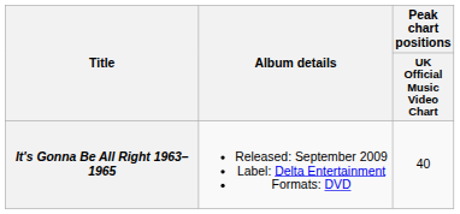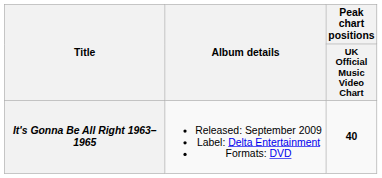 <table class="wikitable plainrowheaders" style="text-align:center;">
 <tr>
 <th rowspan="2" scope="col" style="width:15em;">Title</th>
 <th rowspan="2" scope="col" style="width:15em;">Album details</th>
 <th>Peak chart positions</th>
 </tr>
 <tr>
 <th scope="col" style="width:2em;font-size:90%;">UK Official Music Video Chart<br></th>
 </tr>
 <tr>
 <th scope="row"><em>It's Gonna Be All Right 1963–1965</em></th>
 <td><br><ul><li>Released: September 2009</li><li>Label: <a href='#'>Delta Entertainment</a></li><li>Formats: <a href='#'>DVD</a></li></ul></td>
-<td>40</td>
+<td><strong>40</strong></td>
 </tr>
 </table>
